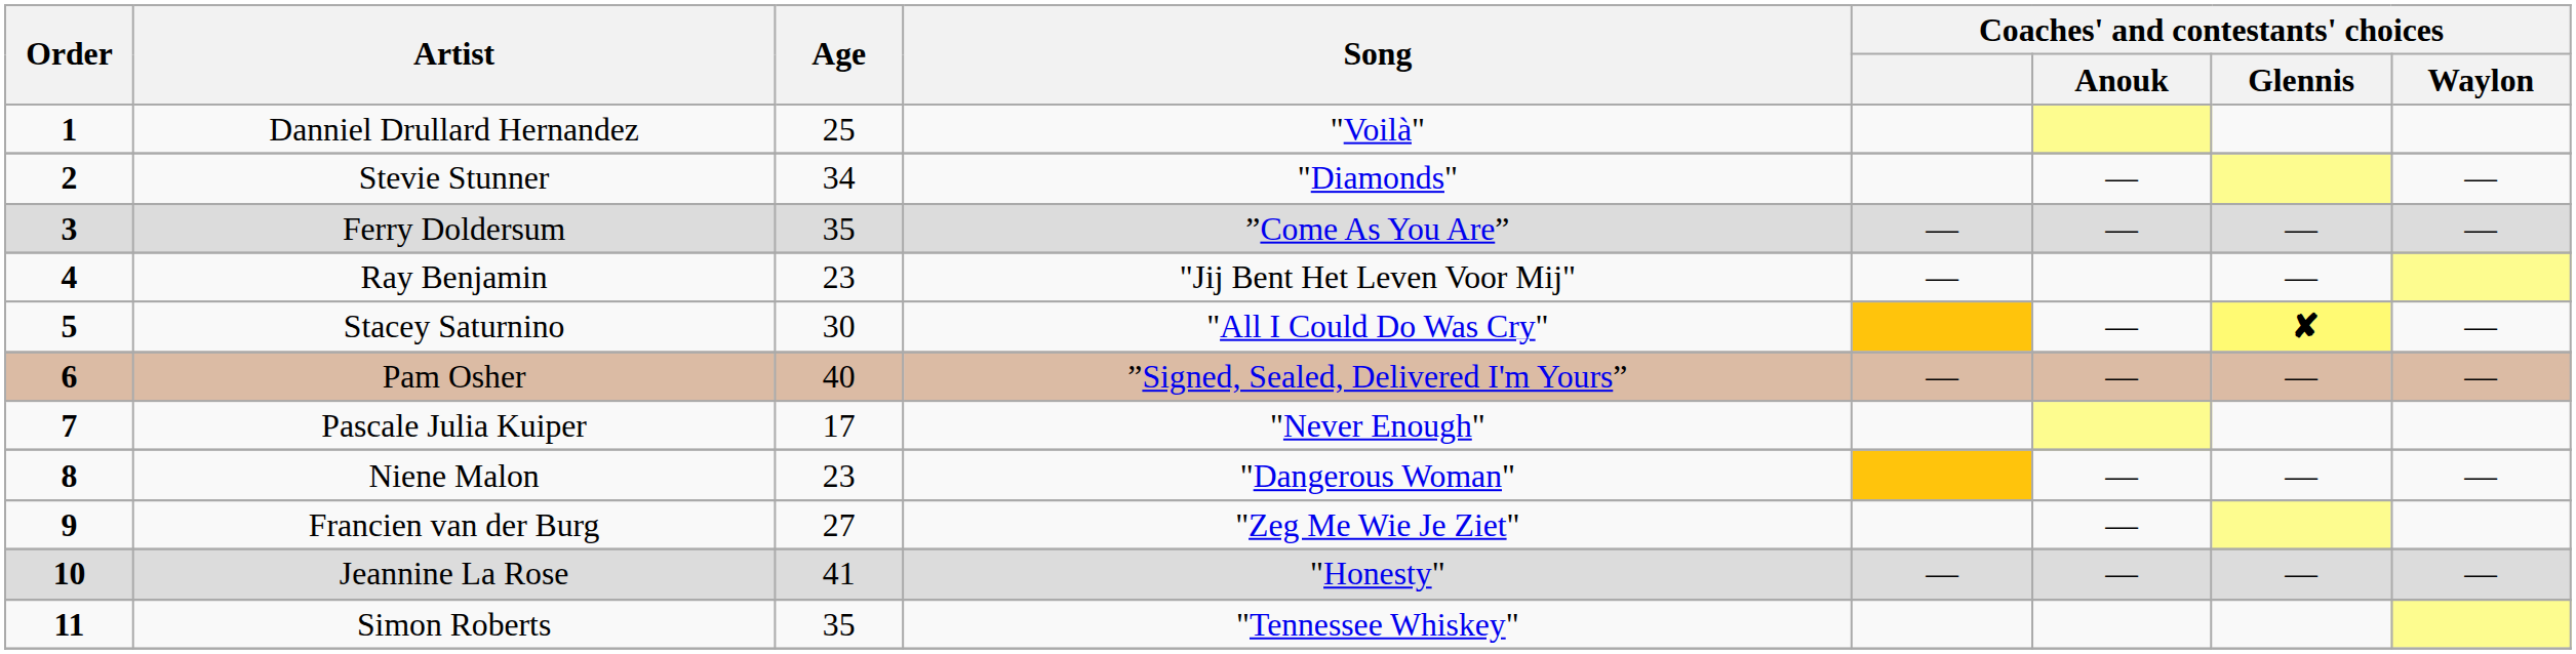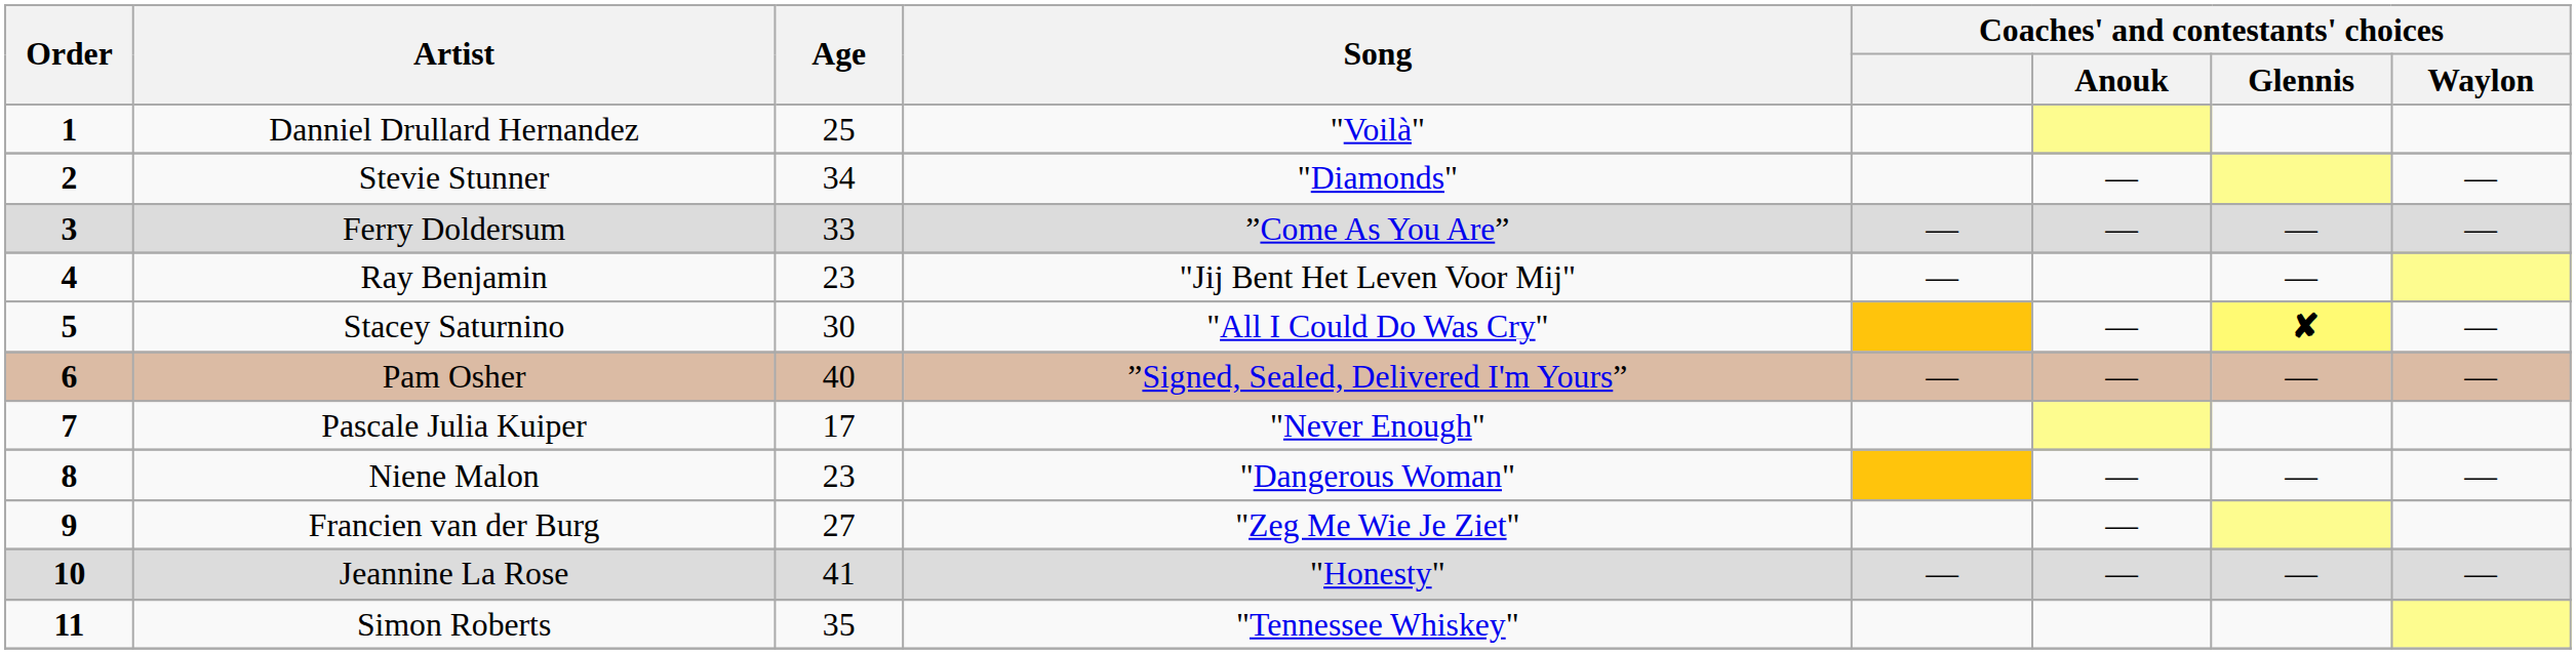 <table class="wikitable" style="text-align:center; line-height:17px; width:100%;">
 <tr>
 <th rowspan="2" scope="col" style="width:05%;">Order</th>
 <th rowspan="2" scope="col" style="width:25%;">Artist</th>
 <th rowspan="2" scope="col" style="width:05%;">Age</th>
 <th rowspan="2" scope="col" style="width:37%;">Song</th>
 <th colspan="4">Coaches' and contestants' choices</th>
 </tr>
 <tr>
 <th style="width:07%;"></th>
 <th nowrap="" style="width:07%;">Anouk</th>
 <th style="width:07%;">Glennis</th>
 <th style="width:07%;">Waylon</th>
 </tr>
 <tr>
 <td style="text-align:center"><strong>1</strong></td>
 <td>Danniel Drullard Hernandez</td>
 <td>25</td>
 <td>"<a href='#'>Voilà</a>"</td>
 <td><strong></strong></td>
 <td style="background:#fdfc8f"><strong></strong></td>
 <td><strong></strong></td>
 <td><strong></strong></td>
 </tr>
 <tr>
 </tr>
 <tr>
 <td style="text-align:center"><strong>2</strong></td>
 <td>Stevie Stunner</td>
 <td>34</td>
 <td>"<a href='#'>Diamonds</a>"</td>
 <td><strong></strong></td>
 <td>—</td>
 <td style="background:#fdfc8f"><strong></strong></td>
 <td>—</td>
 </tr>
 <tr>
 </tr>
 <tr>
 </tr>
 <tr style="background:#dcdcdc">
 <td style="text-align:center"><strong>3</strong></td>
 <td>Ferry Doldersum</td>
-<td>35</td>
+<td>33</td>
 <td>”<a href='#'>Come As You Are</a>”</td>
 <td>—</td>
 <td>—</td>
 <td>—</td>
 <td>—</td>
 </tr>
 <tr>
 </tr>
 <tr>
 <td style="text-align:center"><strong>4</strong></td>
 <td>Ray Benjamin</td>
 <td>23</td>
 <td>"Jij Bent Het Leven Voor Mij"</td>
 <td>—</td>
 <td><strong></strong></td>
 <td>—</td>
 <td style="background:#fdfc8f"><strong></strong></td>
 </tr>
 <tr>
 </tr>
 <tr>
 <td style="text-align:center"><strong>5</strong></td>
 <td>Stacey Saturnino</td>
 <td>30</td>
 <td>"<a href='#'>All I Could Do Was Cry</a>"</td>
 <td style="background: #ffc40c"><strong></strong></td>
 <td>—</td>
 <td style="background:#fffa73"> <strong>✘</strong></td>
 <td>—</td>
 </tr>
 <tr>
 </tr>
 <tr>
 </tr>
 <tr style="background:#dbbba4">
 <td style="text-align:center"><strong>6</strong></td>
 <td>Pam Osher</td>
 <td>40</td>
 <td>”<a href='#'>Signed, Sealed, Delivered I'm Yours</a>”</td>
 <td>—</td>
 <td>—</td>
 <td>—</td>
 <td>—</td>
 </tr>
 <tr>
 <td style="text-align:center"><strong>7</strong></td>
 <td>Pascale Julia Kuiper</td>
 <td>17</td>
 <td>"<a href='#'>Never Enough</a>"</td>
 <td><strong></strong></td>
 <td style="background:#fdfc8f"><strong></strong></td>
 <td><strong></strong></td>
 <td><strong></strong></td>
 </tr>
 <tr>
 </tr>
 <tr>
 <td style="text-align:center"><strong>8</strong></td>
 <td>Niene Malon</td>
 <td>23</td>
 <td>"<a href='#'>Dangerous Woman</a>"</td>
 <td style="background: #ffc40c"><strong></strong></td>
 <td>—</td>
 <td>—</td>
 <td>—</td>
 </tr>
 <tr>
 </tr>
 <tr>
 <td style="text-align:center"><strong>9</strong></td>
 <td>Francien van der Burg</td>
 <td>27</td>
 <td>"<a href='#'>Zeg Me Wie Je Ziet</a>"</td>
 <td><strong></strong></td>
 <td>—</td>
 <td style="background:#fdfc8f"><strong></strong></td>
 <td><strong></strong></td>
 </tr>
 <tr>
 </tr>
 <tr style="background:#dcdcdc">
 <td style="text-align:center"><strong>10</strong></td>
 <td>Jeannine La Rose</td>
 <td>41</td>
 <td>"<a href='#'>Honesty</a>"</td>
 <td>—</td>
 <td>—</td>
 <td>—</td>
 <td>—</td>
 </tr>
 <tr>
 </tr>
 <tr>
 </tr>
 <tr>
 <td style="text-align:center"><strong>11</strong></td>
 <td>Simon Roberts</td>
 <td>35</td>
 <td>"<a href='#'>Tennessee Whiskey</a>"</td>
 <td><strong></strong></td>
 <td><strong></strong></td>
 <td><strong></strong></td>
 <td style="background:#fdfc8f"><strong></strong></td>
 </tr>
 <tr>
 </tr>
 <tr>
 </tr>
 </table>
